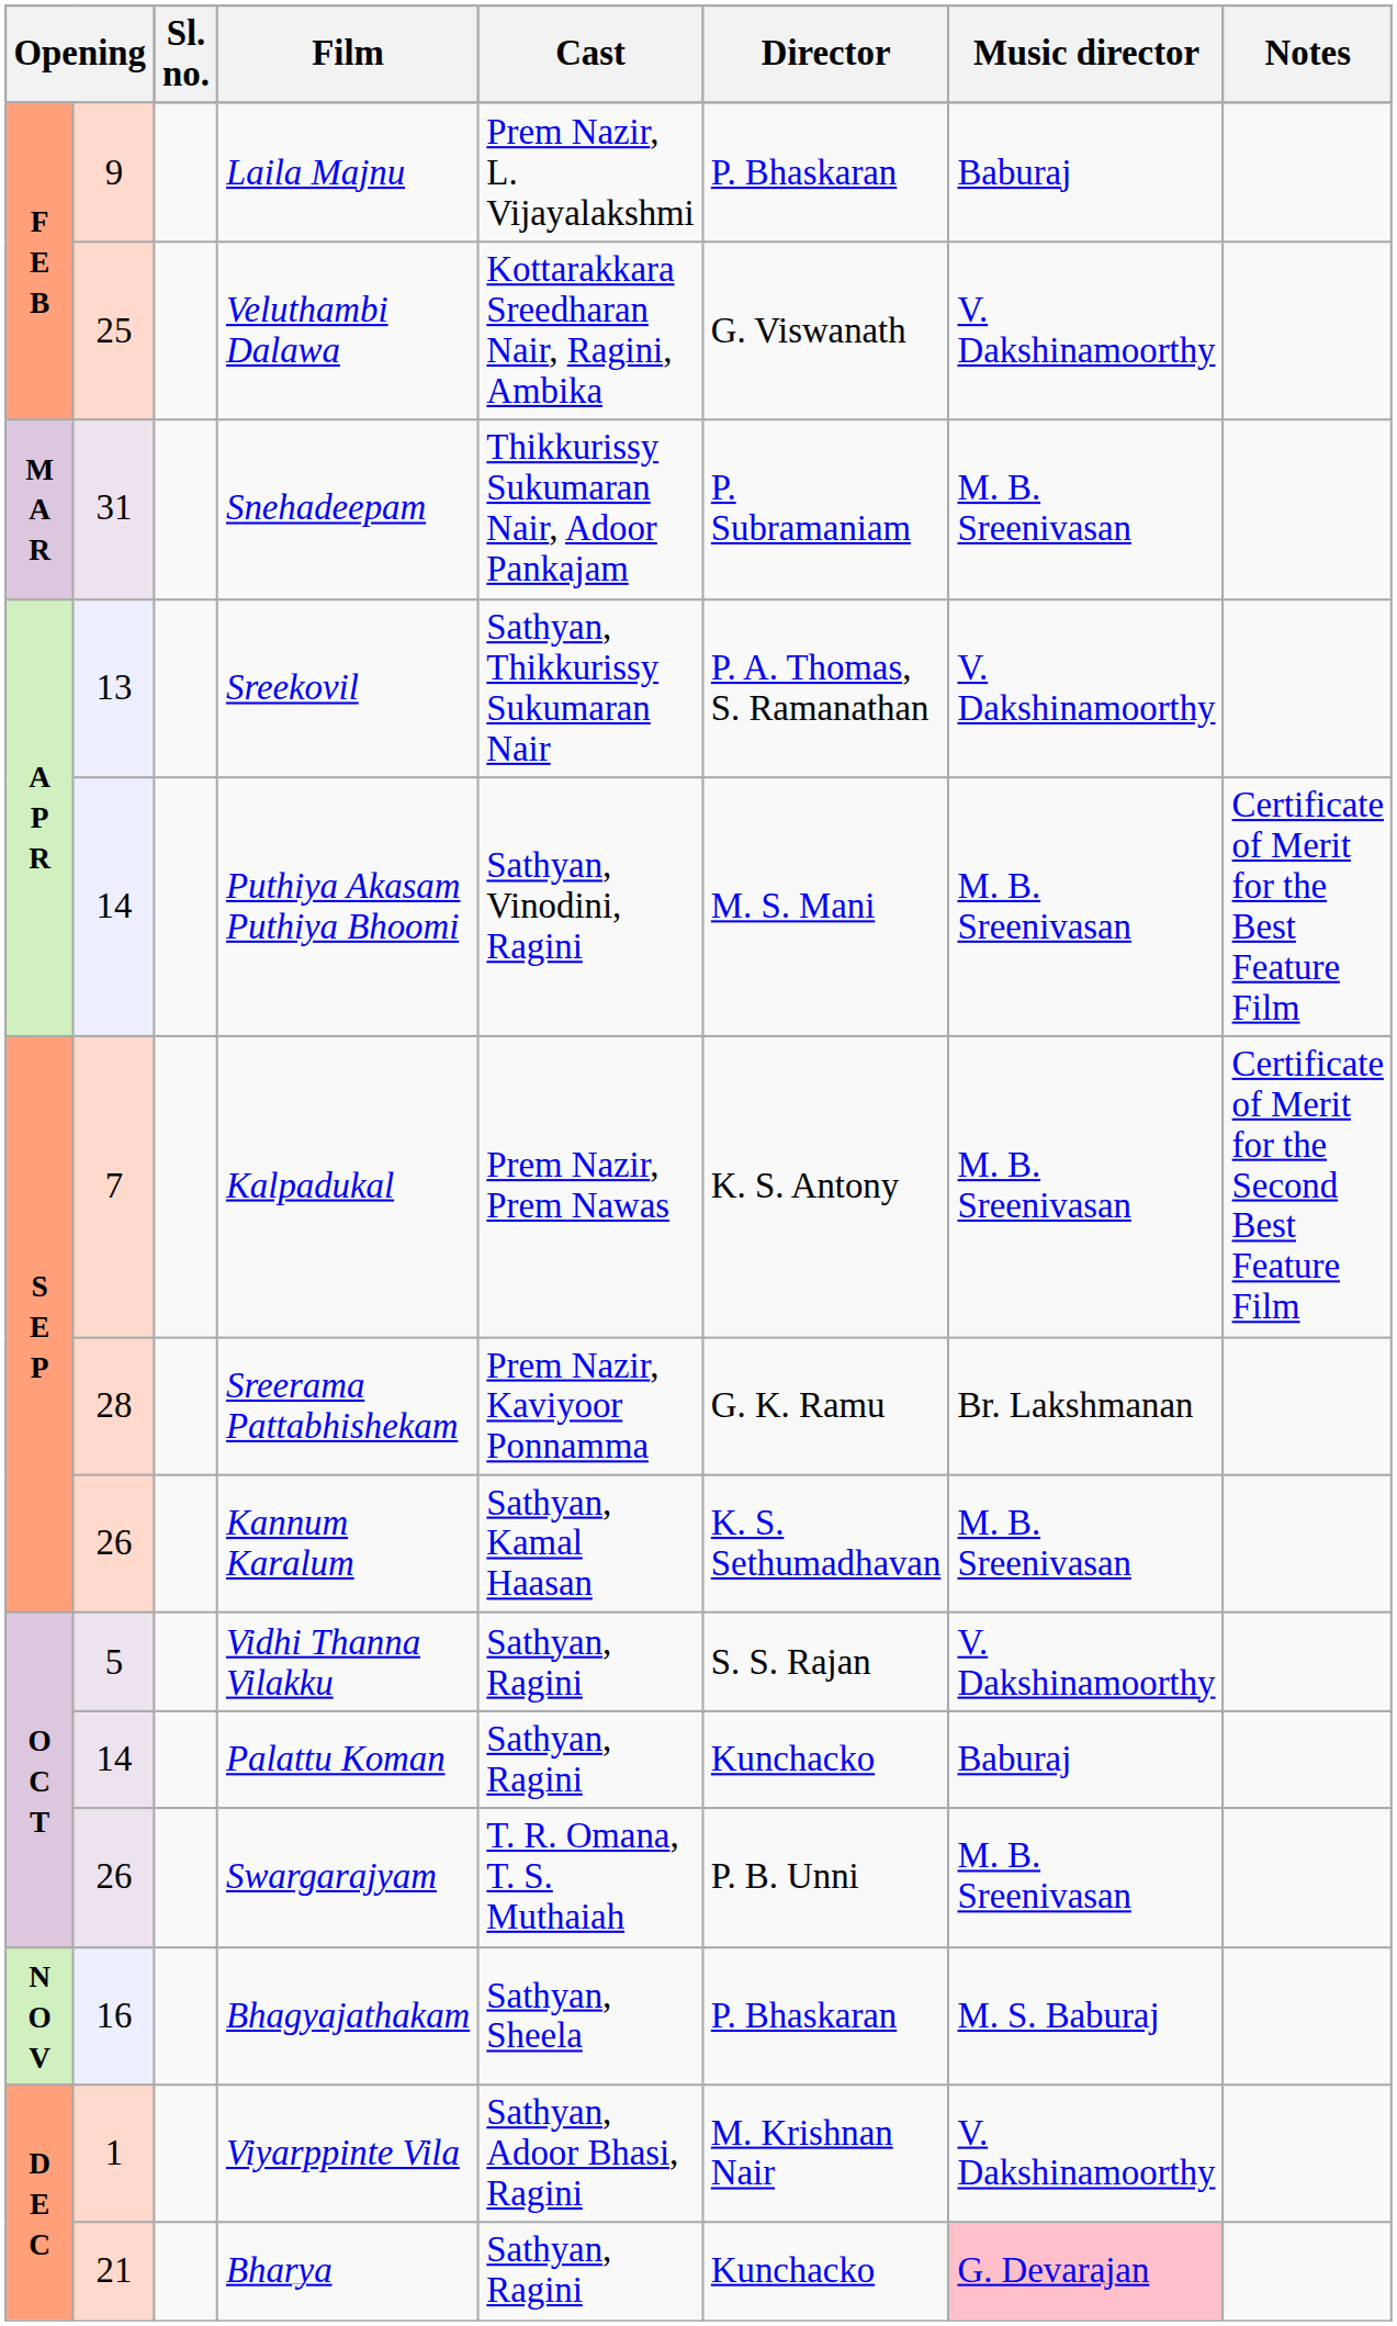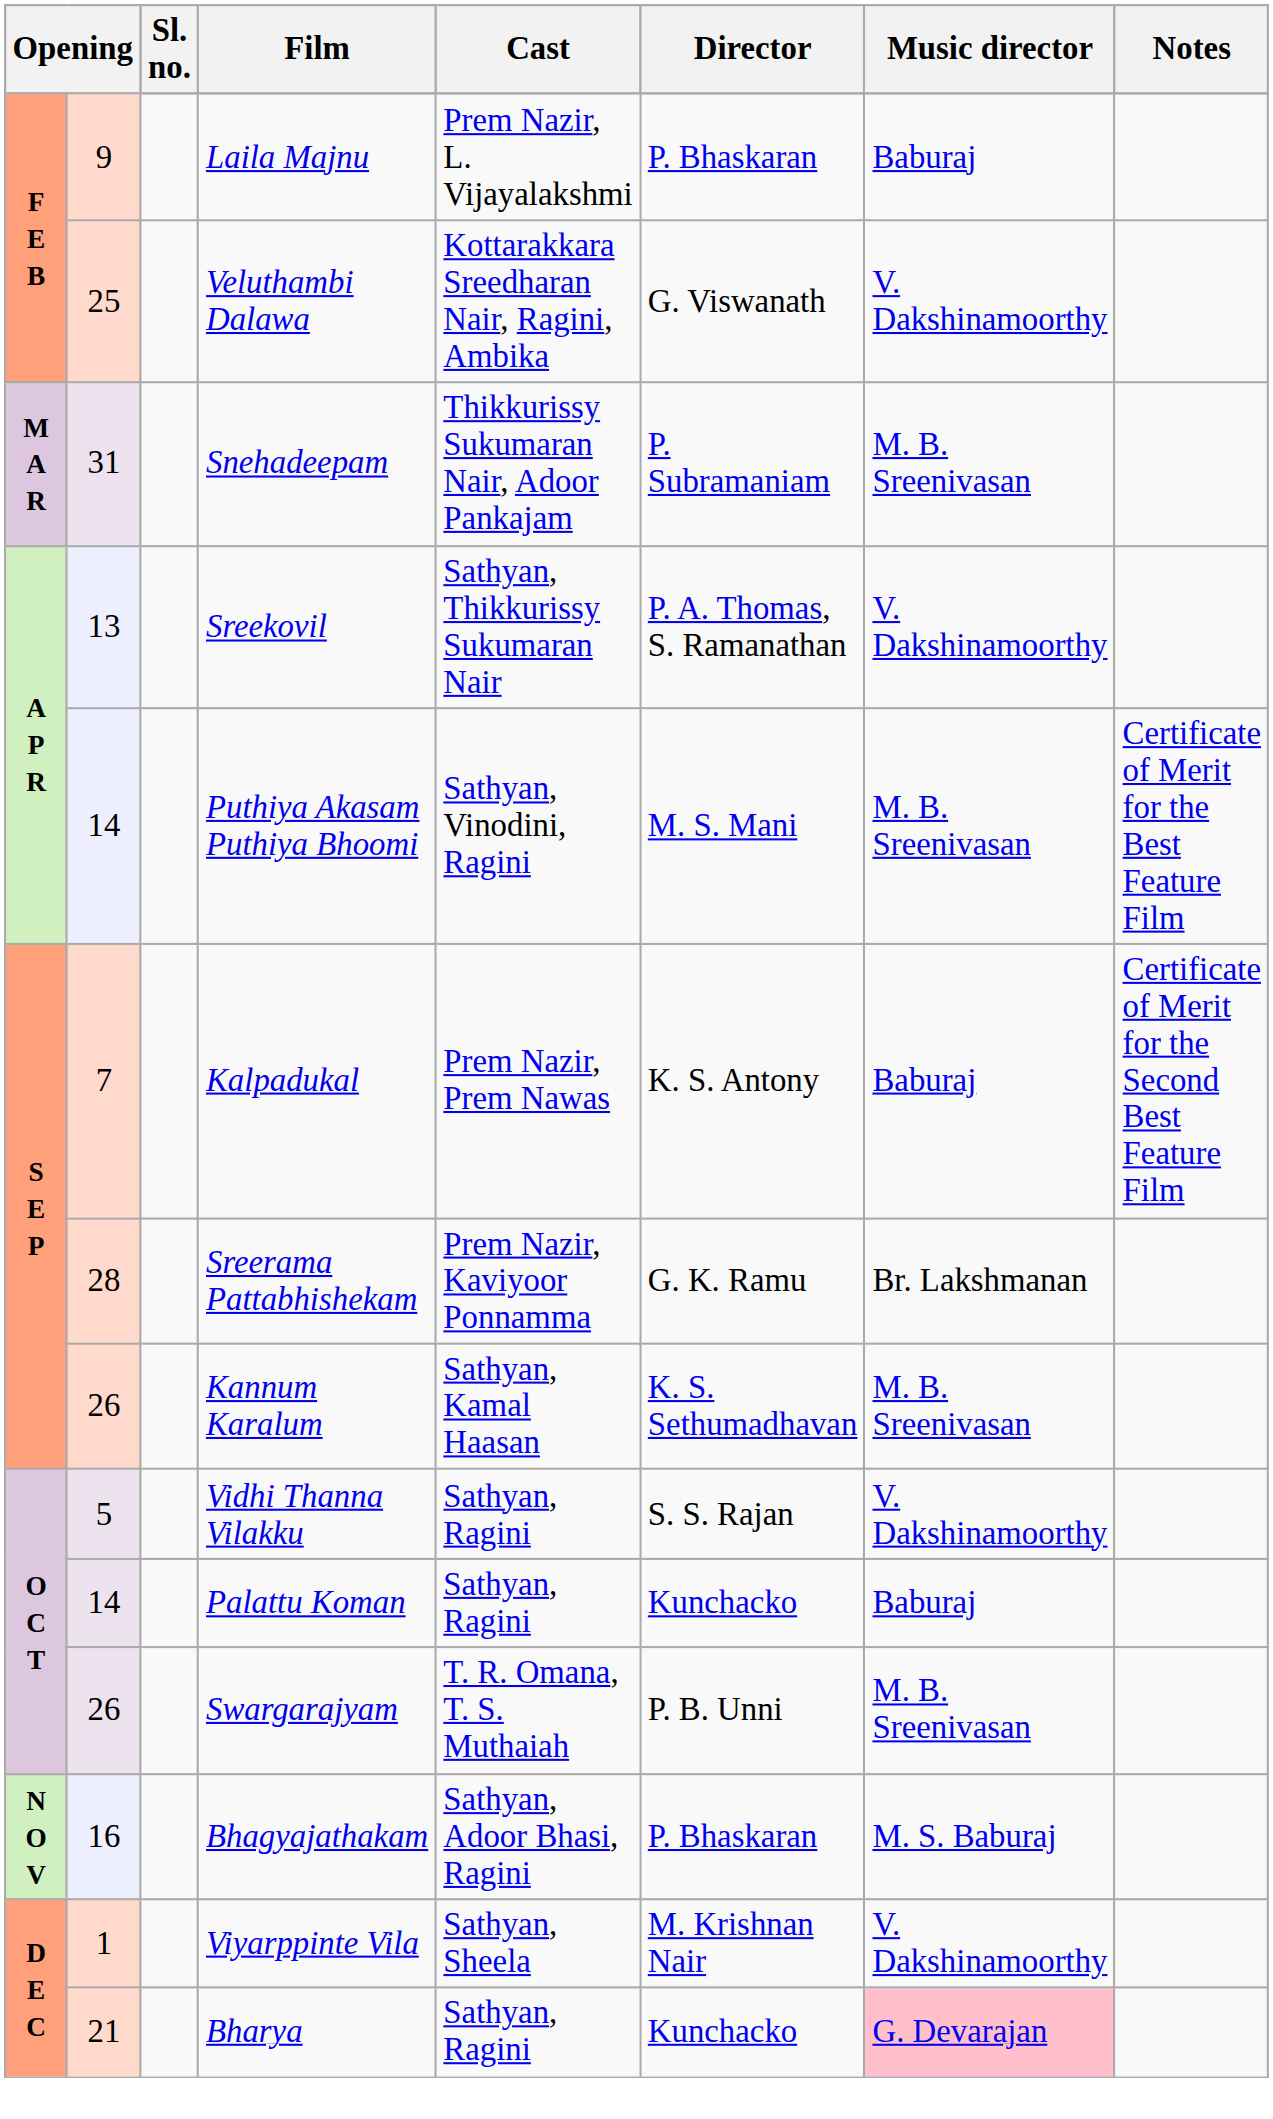 <table class="wikitable">
 <tr style="background:#000;">
 <th colspan='2'>Opening</th>
 <th>Sl.<br>no.</th>
 <th>Film</th>
 <th>Cast</th>
 <th>Director</th>
 <th>Music director</th>
 <th>Notes</th>
 </tr>
 <tr>
 <td rowspan="2" style="text-align:center; background:#ffa07a; textcolor:#000;"><small><strong>F<br>E<br>B</strong></small></td>
 <td rowspan="1"  style="text-align:center; background:#ffdacc; textcolor:#000;">9</td>
 <td valign="center"></td>
 <td><em><a href='#'>Laila Majnu</a></em></td>
 <td><a href='#'>Prem Nazir</a>, L. Vijayalakshmi</td>
 <td><a href='#'>P. Bhaskaran</a></td>
 <td><a href='#'>Baburaj</a></td>
 <td></td>
 </tr>
 <tr>
 <td rowspan="1"  style="text-align:center; background:#ffdacc; textcolor:#000;">25</td>
 <td valign="center"></td>
 <td><em><a href='#'>Veluthambi Dalawa</a></em></td>
 <td><a href='#'>Kottarakkara Sreedharan Nair</a>, <a href='#'>Ragini</a>, <a href='#'>Ambika</a></td>
 <td>G. Viswanath</td>
 <td><a href='#'>V. Dakshinamoorthy</a></td>
 <td></td>
 </tr>
 <tr>
 <td rowspan="1" style="text-align:center; background:#dcc7df; textcolor:#000;"><small><strong>M<br>A<br>R</strong></small></td>
 <td rowspan="1"  style="text-align:center; background:#ede3ef; textcolor:#000;">31</td>
 <td valign="center"></td>
 <td><em><a href='#'>Snehadeepam</a></em></td>
 <td><a href='#'>Thikkurissy Sukumaran Nair</a>, <a href='#'>Adoor Pankajam</a></td>
 <td><a href='#'>P. Subramaniam</a></td>
 <td><a href='#'>M. B. Sreenivasan</a></td>
 <td></td>
 </tr>
 <tr>
 <td rowspan="2" style="text-align:center; background:#d0f0c0; textcolor:#000;"><small><strong>A<br>P<br>R</strong></small></td>
 <td rowspan="1"  style="text-align:center; background:#edefff; textcolor:#000;">13</td>
 <td valign="center"></td>
 <td><em><a href='#'>Sreekovil</a></em></td>
 <td><a href='#'>Sathyan</a>, <a href='#'>Thikkurissy Sukumaran Nair</a></td>
 <td><a href='#'>P. A. Thomas</a>, S. Ramanathan</td>
 <td><a href='#'>V. Dakshinamoorthy</a></td>
 <td></td>
 </tr>
 <tr>
 <td rowspan="1"  style="text-align:center; background:#edefff; textcolor:#000;">14</td>
 <td valign="center"></td>
 <td><em><a href='#'>Puthiya Akasam Puthiya Bhoomi</a></em></td>
 <td><a href='#'>Sathyan</a>, Vinodini, <a href='#'>Ragini</a></td>
 <td><a href='#'>M. S. Mani</a></td>
 <td><a href='#'>M. B. Sreenivasan</a></td>
 <td><a href='#'>Certificate of Merit for the Best Feature Film</a></td>
 </tr>
 <tr>
 <td rowspan="3" style="text-align:center; background:#ffa07a; textcolor:#000;"><small><strong>S<br>E<br>P</strong></small></td>
 <td rowspan="1"  style="text-align:center; background:#ffdacc; textcolor:#000;">7</td>
 <td valign="center"></td>
 <td><em><a href='#'>Kalpadukal</a></em></td>
 <td><a href='#'>Prem Nazir</a>, <a href='#'>Prem Nawas</a></td>
 <td>K. S. Antony</td>
-<td><a href='#'>M. B. Sreenivasan</a></td>
+<td><a href='#'>Baburaj</a></td>
 <td><a href='#'>Certificate of Merit for the Second Best Feature Film</a></td>
 </tr>
 <tr>
 <td rowspan="1"  style="text-align:center; background:#ffdacc; textcolor:#000;">28</td>
 <td valign="center"></td>
 <td><em><a href='#'>Sreerama Pattabhishekam</a></em></td>
 <td><a href='#'>Prem Nazir</a>, <a href='#'>Kaviyoor Ponnamma</a></td>
 <td>G. K. Ramu</td>
 <td>Br. Lakshmanan</td>
 <td></td>
 </tr>
 <tr>
 <td rowspan="1"  style="text-align:center; background:#ffdacc; textcolor:#000;">26</td>
 <td valign="center"></td>
 <td><em><a href='#'>Kannum Karalum</a></em></td>
 <td><a href='#'>Sathyan</a>, <a href='#'>Kamal Haasan</a></td>
 <td><a href='#'>K. S. Sethumadhavan</a></td>
 <td><a href='#'>M. B. Sreenivasan</a></td>
 <td></td>
 </tr>
 <tr>
 <td rowspan="3" style="text-align:center; background:#dcc7df; textcolor:#000;"><small><strong>O<br>C<br>T</strong></small></td>
 <td rowspan="1"  style="text-align:center; background:#ede3ef; textcolor:#000;">5</td>
 <td valign="center"></td>
 <td><em><a href='#'>Vidhi Thanna Vilakku</a></em></td>
 <td><a href='#'>Sathyan</a>, <a href='#'>Ragini</a></td>
 <td>S. S. Rajan</td>
 <td><a href='#'>V. Dakshinamoorthy</a></td>
 <td></td>
 </tr>
 <tr>
 <td rowspan="1"  style="text-align:center; background:#ede3ef; textcolor:#000;">14</td>
 <td valign="center"></td>
 <td><em><a href='#'>Palattu Koman</a></em></td>
 <td><a href='#'>Sathyan</a>, <a href='#'>Ragini</a></td>
 <td><a href='#'>Kunchacko</a></td>
 <td><a href='#'>Baburaj</a></td>
 <td></td>
 </tr>
 <tr>
 <td rowspan="1"  style="text-align:center; background:#ede3ef; textcolor:#000;">26</td>
 <td valign="center"></td>
 <td><em><a href='#'>Swargarajyam</a></em></td>
 <td><a href='#'>T. R. Omana</a>, <a href='#'>T. S. Muthaiah</a></td>
 <td>P. B. Unni</td>
 <td><a href='#'>M. B. Sreenivasan</a></td>
 <td></td>
 </tr>
 <tr>
 <td rowspan="1" style="text-align:center; background:#d0f0c0; textcolor:#000;"><small><strong>N<br>O<br>V</strong></small></td>
 <td rowspan="1"  style="text-align:center; background:#edefff; textcolor:#000;">16</td>
 <td valign="center"></td>
 <td><em><a href='#'>Bhagyajathakam</a></em></td>
-<td><a href='#'>Sathyan</a>, <a href='#'>Sheela</a></td>
+<td><a href='#'>Sathyan</a>, <a href='#'>Adoor Bhasi</a>, <a href='#'>Ragini</a></td>
 <td><a href='#'>P. Bhaskaran</a></td>
 <td><a href='#'>M. S. Baburaj</a></td>
 <td></td>
 </tr>
 <tr>
 <td rowspan="2" style="text-align:center; background:#ffa07a; textcolor:#000;"><small><strong>D<br>E<br>C</strong></small></td>
 <td rowspan="1"  style="text-align:center; background:#ffdacc; textcolor:#000;">1</td>
 <td valign="center"></td>
 <td><em><a href='#'>Viyarppinte Vila</a></em></td>
-<td><a href='#'>Sathyan</a>, <a href='#'>Adoor Bhasi</a>, <a href='#'>Ragini</a></td>
+<td><a href='#'>Sathyan</a>, <a href='#'>Sheela</a></td>
 <td><a href='#'>M. Krishnan Nair</a></td>
 <td><a href='#'>V. Dakshinamoorthy</a></td>
 <td></td>
 </tr>
 <tr>
 <td rowspan="1"  style="text-align:center; background:#ffdacc; textcolor:#000;">21</td>
 <td valign="center"></td>
 <td><em><a href='#'>Bharya</a></em></td>
 <td><a href='#'>Sathyan</a>, <a href='#'>Ragini</a></td>
 <td><a href='#'>Kunchacko</a></td>
 <td style="background: pink;"><a href='#'>G. Devarajan</a></td>
 <td></td>
 </tr>
 </table>
